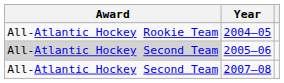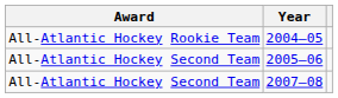 <table class="wikitable">
 <tr>
 <th>Award</th>
 <th>Year</th>
 <th></th>
 </tr>
 <tr>
 <td>All-<a href='#'>Atlantic Hockey</a> <a href='#'>Rookie Team</a></td>
 <td><a href='#'>2004–05</a></td>
 <td></td>
 </tr>
 <tr>
-<td style="background: lightgrey;">All-<a href='#'>Atlantic Hockey</a> <a href='#'>Second Team</a></td>
+<td>All-<a href='#'>Atlantic Hockey</a> <a href='#'>Second Team</a></td>
 <td><a href='#'>2005–06</a></td>
 <td></td>
 </tr>
 <tr>
 <td>All-<a href='#'>Atlantic Hockey</a> <a href='#'>Second Team</a></td>
 <td><a href='#'>2007–08</a></td>
 <td></td>
 </tr>
 </table>
